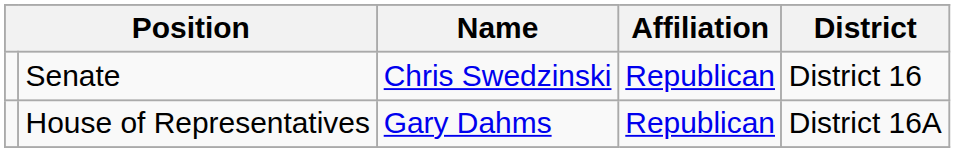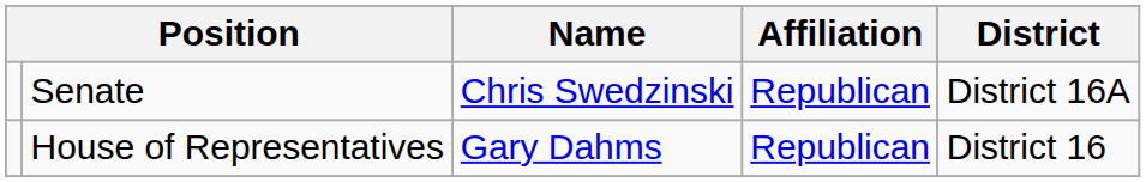 <table class="wikitable">
 <tr>
 <th colspan="2">Position</th>
 <th>Name</th>
 <th>Affiliation</th>
 <th>District</th>
 </tr>
 <tr>
 <td style="background-color:"></td>
 <td>Senate</td>
 <td><a href='#'>Chris Swedzinski</a></td>
 <td><a href='#'>Republican</a></td>
-<td>District 16</td>
+<td>District 16A</td>
 </tr>
 <tr>
 <td style="background-color:"></td>
 <td>House of Representatives</td>
 <td><a href='#'>Gary Dahms</a></td>
 <td><a href='#'>Republican</a></td>
-<td>District 16A</td>
+<td>District 16</td>
 </tr>
 </table>
